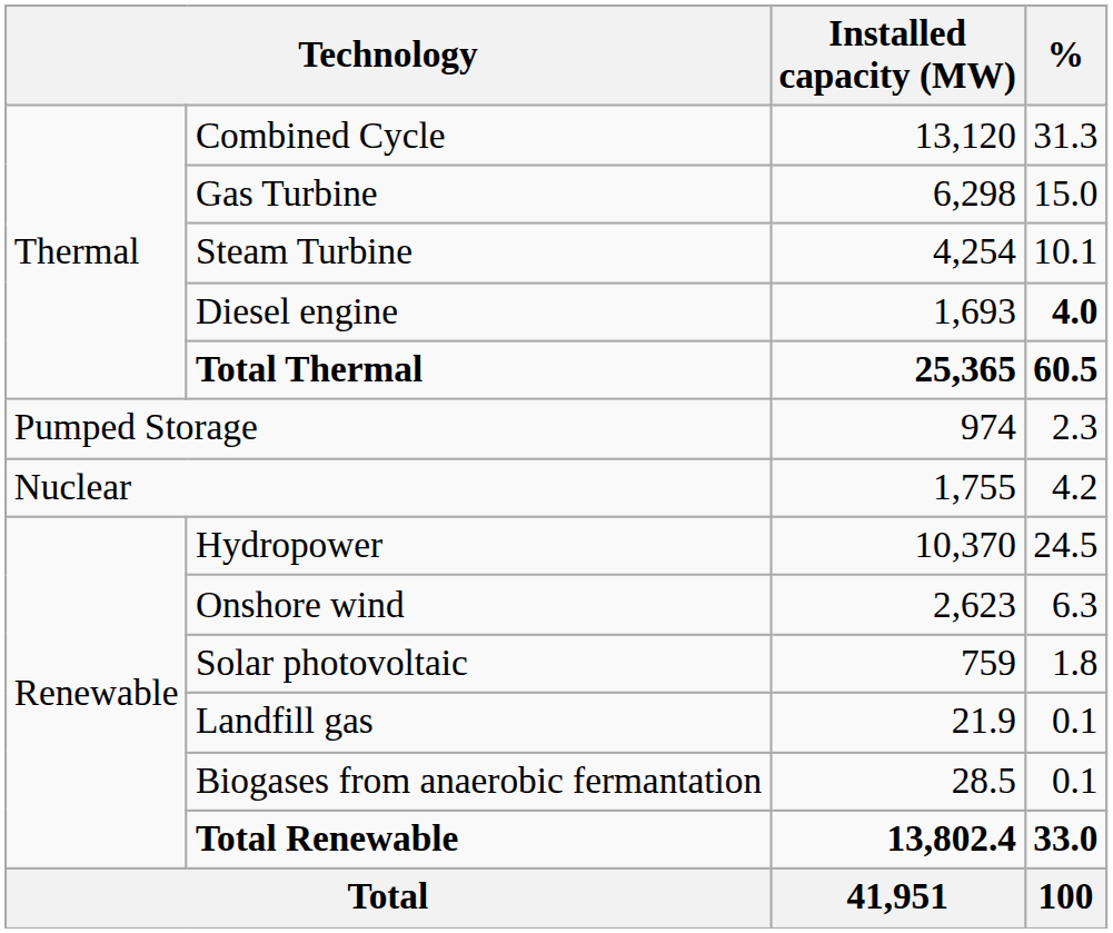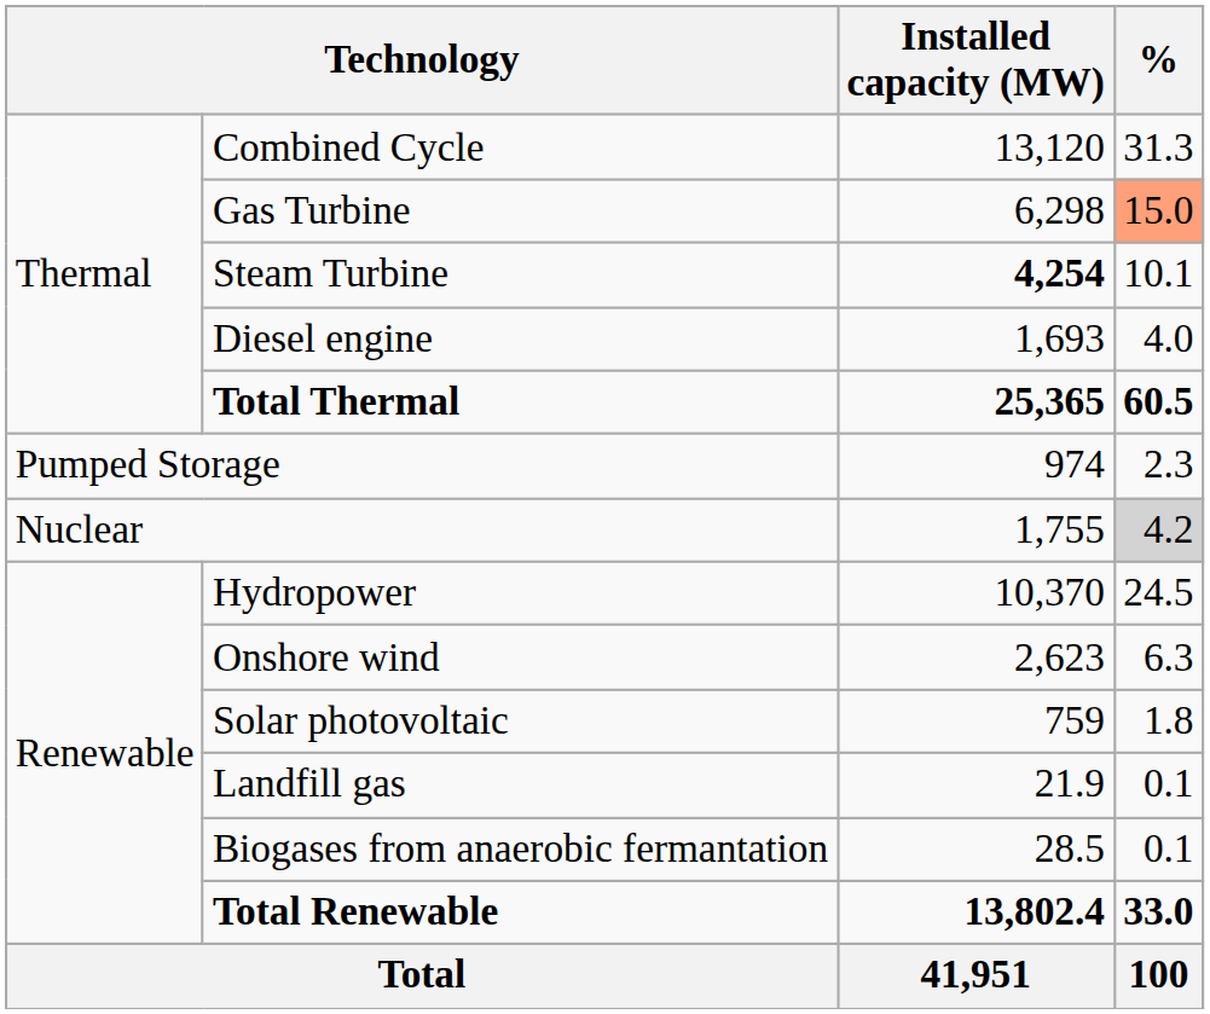 <table class="wikitable" style="text-align:right;">
 <tr>
 <th colspan=2>Technology</th>
 <th>Installed<br>capacity (MW)</th>
 <th>%</th>
 </tr>
 <tr>
 <td rowspan=5 align=left>Thermal</td>
 <td align=left>Combined Cycle</td>
 <td>13,120</td>
 <td>31.3</td>
 </tr>
 <tr>
 <td align=left>Gas Turbine</td>
 <td>6,298</td>
-<td>15.0</td>
+<td style="background: lightsalmon;">15.0</td>
 </tr>
 <tr>
 <td align=left>Steam Turbine</td>
-<td>4,254</td>
+<td><strong>4,254</strong></td>
 <td>10.1</td>
 </tr>
 <tr>
 <td align=left>Diesel engine</td>
 <td>1,693</td>
-<td><strong>4.0</strong></td>
+<td>4.0</td>
 </tr>
 <tr>
 <td align=left><strong>Total Thermal</strong></td>
 <td><strong>25,365</strong></td>
 <td><strong>60.5</strong></td>
 </tr>
 <tr>
 <td colspan=2 align=left>Pumped Storage</td>
 <td>974</td>
 <td>2.3</td>
 </tr>
 <tr>
 <td colspan=2 align=left>Nuclear</td>
 <td>1,755</td>
-<td>4.2</td>
+<td style="background: lightgrey;">4.2</td>
 </tr>
 <tr>
 <td rowspan="6" align="left">Renewable</td>
 <td align=left>Hydropower</td>
 <td>10,370</td>
 <td>24.5</td>
 </tr>
 <tr>
 <td align=left>Onshore wind</td>
 <td>2,623</td>
 <td>6.3</td>
 </tr>
 <tr>
 <td align=left>Solar photovoltaic</td>
 <td>759</td>
 <td>1.8</td>
 </tr>
 <tr>
 <td align=left>Landfill gas</td>
 <td>21.9</td>
 <td>0.1</td>
 </tr>
 <tr>
 <td>Biogases from anaerobic fermantation</td>
 <td>28.5</td>
 <td>0.1</td>
 </tr>
 <tr>
 <td align="left"><strong>Total Renewable</strong></td>
 <td><strong>13,802.4</strong></td>
 <td><strong>33.0</strong></td>
 </tr>
 <tr>
 <th colspan="2">Total</th>
 <th>41,951</th>
 <th>100</th>
 </tr>
 </table>
